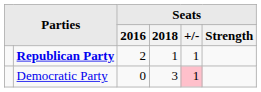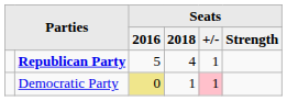 <table class=wikitable>
 <tr>
 <th style="background-color:#E9E9E9" align=center rowspan=2 colspan=2>Parties</th>
 <th style="background-color:#E9E9E9" align=center colspan=5>Seats</th>
 </tr>
 <tr bgcolor=#E9E9E9>
 <th>2016</th>
 <th>2018</th>
 <th>+/-</th>
 <th>Strength</th>
 </tr>
 <tr>
 <td style="background-color:"> </td>
 <td><strong><a href='#'>Republican Party</a></strong></td>
-<td align=right>2</td>
-<td align=right>1</td>
+<td align=right>5</td>
+<td align=right>4</td>
 <td align=right> 1</td>
 <td align=right></td>
 </tr>
 <tr>
 <td style="background-color:"> </td>
 <td><a href='#'>Democratic Party</a></td>
-<td align=right>0</td>
-<td align=right>3</td>
+<td align=right style="background: khaki;">0</td>
+<td align=right>1</td>
 <td align=right style="background: pink;"> 1</td>
 <td align=right></td>
 </tr>
 </table>
